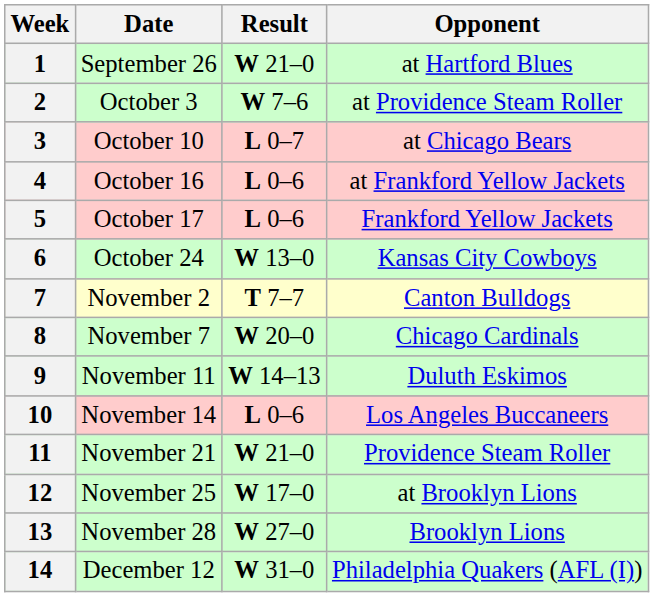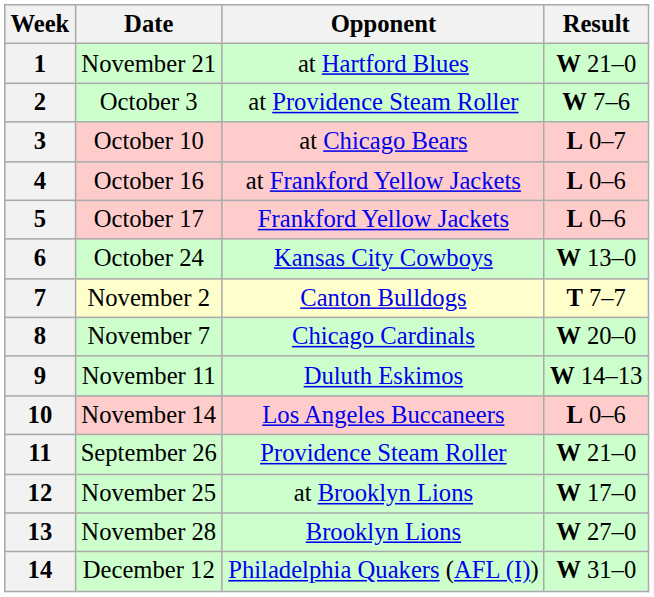 <table class="wikitable" style="text-align:center">
 <tr>
 <th>Week</th>
 <th>Date</th>
+<th>Opponent</th>
 <th>Result</th>
-<th>Opponent</th>
 </tr>
 <tr style="background:#cfc">
 <th>1</th>
-<td>September 26</td>
+<td>November 21</td>
+<td>at <a href='#'>Hartford Blues</a></td>
 <td><strong>W</strong> 21–0</td>
-<td>at <a href='#'>Hartford Blues</a></td>
 </tr>
 <tr style="background:#cfc">
 <th>2</th>
 <td>October 3</td>
+<td>at <a href='#'>Providence Steam Roller</a></td>
 <td><strong>W</strong> 7–6</td>
-<td>at <a href='#'>Providence Steam Roller</a></td>
 </tr>
 <tr style="background:#fcc">
 <th>3</th>
 <td>October 10</td>
+<td>at <a href='#'>Chicago Bears</a></td>
 <td><strong>L</strong> 0–7</td>
-<td>at <a href='#'>Chicago Bears</a></td>
 </tr>
 <tr style="background:#fcc">
 <th>4</th>
 <td>October 16</td>
+<td>at <a href='#'>Frankford Yellow Jackets</a></td>
 <td><strong>L</strong> 0–6</td>
-<td>at <a href='#'>Frankford Yellow Jackets</a></td>
 </tr>
 <tr style="background:#fcc">
 <th>5</th>
 <td>October 17</td>
+<td><a href='#'>Frankford Yellow Jackets</a></td>
 <td><strong>L</strong> 0–6</td>
-<td><a href='#'>Frankford Yellow Jackets</a></td>
 </tr>
 <tr style="background:#cfc">
 <th>6</th>
 <td>October 24</td>
+<td><a href='#'>Kansas City Cowboys</a></td>
 <td><strong>W</strong> 13–0</td>
-<td><a href='#'>Kansas City Cowboys</a></td>
 </tr>
 <tr style="background:#ffc">
 <th>7</th>
 <td>November 2</td>
+<td><a href='#'>Canton Bulldogs</a></td>
 <td><strong>T</strong> 7–7</td>
-<td><a href='#'>Canton Bulldogs</a></td>
 </tr>
 <tr style="background:#cfc">
 <th>8</th>
 <td>November 7</td>
+<td><a href='#'>Chicago Cardinals</a></td>
 <td><strong>W</strong> 20–0</td>
-<td><a href='#'>Chicago Cardinals</a></td>
 </tr>
 <tr style="background:#cfc">
 <th>9</th>
 <td>November 11</td>
+<td><a href='#'>Duluth Eskimos</a></td>
 <td><strong>W</strong> 14–13</td>
-<td><a href='#'>Duluth Eskimos</a></td>
 </tr>
 <tr style="background:#fcc">
 <th>10</th>
 <td>November 14</td>
+<td><a href='#'>Los Angeles Buccaneers</a></td>
 <td><strong>L</strong> 0–6</td>
-<td><a href='#'>Los Angeles Buccaneers</a></td>
 </tr>
 <tr style="background:#cfc">
 <th>11</th>
-<td>November 21</td>
+<td>September 26</td>
+<td><a href='#'>Providence Steam Roller</a></td>
 <td><strong>W</strong> 21–0</td>
-<td><a href='#'>Providence Steam Roller</a></td>
 </tr>
 <tr style="background:#cfc">
 <th>12</th>
 <td>November 25</td>
+<td>at <a href='#'>Brooklyn Lions</a></td>
 <td><strong>W</strong> 17–0</td>
-<td>at <a href='#'>Brooklyn Lions</a></td>
 </tr>
 <tr style="background:#cfc">
 <th>13</th>
 <td>November 28</td>
+<td><a href='#'>Brooklyn Lions</a></td>
 <td><strong>W</strong> 27–0</td>
-<td><a href='#'>Brooklyn Lions</a></td>
 </tr>
 <tr style="background:#cfc">
 <th>14</th>
 <td>December 12</td>
+<td><a href='#'>Philadelphia Quakers</a> (<a href='#'>AFL (I)</a>)</td>
 <td><strong>W</strong> 31–0</td>
-<td><a href='#'>Philadelphia Quakers</a> (<a href='#'>AFL (I)</a>)</td>
 </tr>
 </table>
